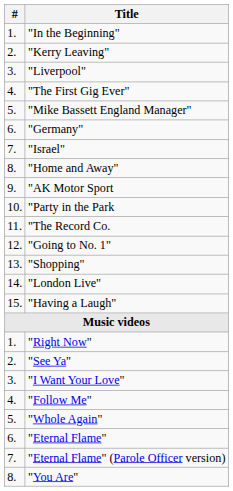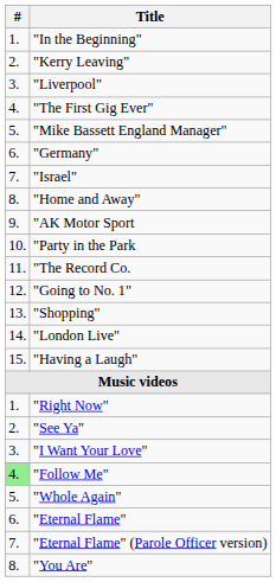 <table class="wikitable">
 <tr>
 <th bgcolor="#ebf5ff">#</th>
 <th bgcolor="#ebf5ff">Title</th>
 </tr>
 <tr>
 <td>1.</td>
 <td>"In the Beginning"</td>
 </tr>
 <tr>
 <td>2.</td>
 <td>"Kerry Leaving"</td>
 </tr>
 <tr>
 <td>3.</td>
 <td>"Liverpool"</td>
 </tr>
 <tr>
 <td>4.</td>
 <td>"The First Gig Ever"</td>
 </tr>
 <tr>
 <td>5.</td>
 <td>"Mike Bassett England Manager"</td>
 </tr>
 <tr>
 <td>6.</td>
 <td>"Germany"</td>
 </tr>
 <tr>
 <td>7.</td>
 <td>"Israel"</td>
 </tr>
 <tr>
 <td>8.</td>
 <td>"Home and Away"</td>
 </tr>
 <tr>
 <td>9.</td>
 <td>"AK Motor Sport</td>
 </tr>
 <tr>
 <td>10.</td>
 <td>"Party in the Park</td>
 </tr>
 <tr>
 <td>11.</td>
 <td>"The Record Co.</td>
 </tr>
 <tr>
 <td>12.</td>
 <td>"Going to No. 1"</td>
 </tr>
 <tr>
 <td>13.</td>
 <td>"Shopping"</td>
 </tr>
 <tr>
 <td>14.</td>
 <td>"London Live"</td>
 </tr>
 <tr>
 <td>15.</td>
 <td>"Having a Laugh"</td>
 </tr>
 <tr>
 <td bgcolor=#E8E8E8 colspan="2" align=center><strong>Music videos</strong></td>
 </tr>
 <tr>
 <td>1.</td>
 <td>"<a href='#'>Right Now</a>"</td>
 </tr>
 <tr>
 <td>2.</td>
 <td>"<a href='#'>See Ya</a>"</td>
 </tr>
 <tr>
 <td>3.</td>
 <td>"<a href='#'>I Want Your Love</a>"</td>
 </tr>
 <tr>
-<td>4.</td>
+<td style="background: lightgreen;">4.</td>
 <td>"<a href='#'>Follow Me</a>"</td>
 </tr>
 <tr>
 <td>5.</td>
 <td>"<a href='#'>Whole Again</a>"</td>
 </tr>
 <tr>
 <td>6.</td>
 <td>"<a href='#'>Eternal Flame</a>"</td>
 </tr>
 <tr>
 <td>7.</td>
 <td>"<a href='#'>Eternal Flame</a>" (<a href='#'>Parole Officer</a> version)</td>
 </tr>
 <tr>
 <td>8.</td>
 <td>"<a href='#'>You Are</a>"</td>
 </tr>
 </table>
